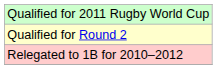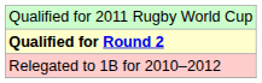 <table class="wikitable">
 <tr width=10px bgcolor="#ccffcc">
 <td>Qualified for 2011 Rugby World Cup</td>
 </tr>
 <tr width=10px bgcolor="#ffffcc">
-<td>Qualified for <a href='#'>Round 2</a></td>
+<td><strong>Qualified for <a href='#'>Round 2</a></strong></td>
 </tr>
 <tr width=10px bgcolor="#ffcccc">
 <td>Relegated to 1B for 2010–2012</td>
 </tr>
 <tr>
 </tr>
 </table>
